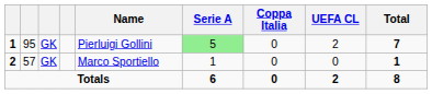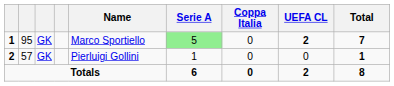 <table class="wikitable" style="text-align:center">
 <tr>
 <th width=15></th>
 <th width=15></th>
 <th width=15></th>
 <th width=15></th>
 <th width=145>Name</th>
 <th width=80><a href='#'>Serie A</a></th>
 <th width=80><a href='#'>Coppa Italia</a></th>
 <th width=80><a href='#'>UEFA CL</a></th>
 <th width=80>Total</th>
 </tr>
 <tr>
 <td><strong>1</strong></td>
 <td>95</td>
 <td><a href='#'>GK</a></td>
 <td></td>
-<td align=left><a href='#'>Pierluigi Gollini</a></td>
+<td align=left><a href='#'>Marco Sportiello</a></td>
 <td style="background: lightgreen;">5</td>
 <td>0</td>
-<td>2</td>
+<td><strong>2</strong></td>
 <td><strong>7</strong></td>
 </tr>
 <tr>
 <td><strong>2</strong></td>
 <td>57</td>
 <td><a href='#'>GK</a></td>
 <td></td>
-<td align=left><a href='#'>Marco Sportiello</a></td>
+<td align=left><a href='#'>Pierluigi Gollini</a></td>
 <td>1</td>
 <td>0</td>
 <td>0</td>
 <td><strong>1</strong></td>
 </tr>
 <tr>
 <td colspan=5><strong>Totals</strong></td>
 <td><strong>6</strong></td>
 <td><strong>0</strong></td>
 <td><strong>2</strong></td>
 <td><strong>8</strong></td>
 </tr>
 </table>
